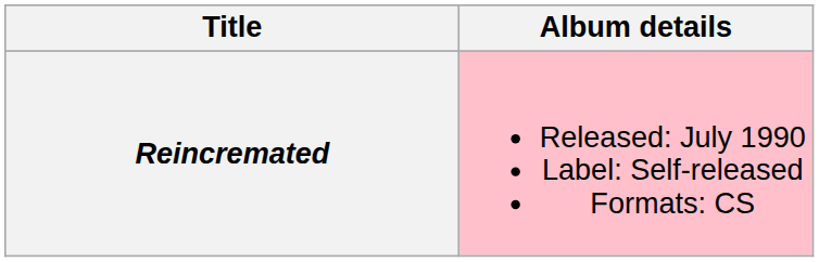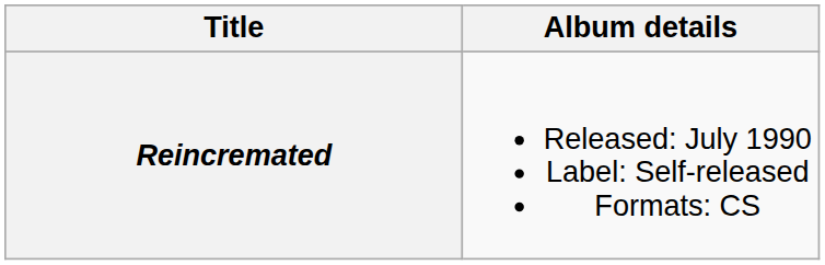 <table class="wikitable plainrowheaders" style="text-align:center;">
 <tr>
 <th scope="col" style="width:15em;">Title</th>
 <th scope="col">Album details</th>
 </tr>
 <tr>
 <th scope="row"><em>Reincremated</em></th>
-<td style="background: pink;"><br><ul><li>Released: July 1990</li><li>Label: Self-released</li><li>Formats: CS</li></ul></td>
+<td><br><ul><li>Released: July 1990</li><li>Label: Self-released</li><li>Formats: CS</li></ul></td>
 </tr>
 </table>
